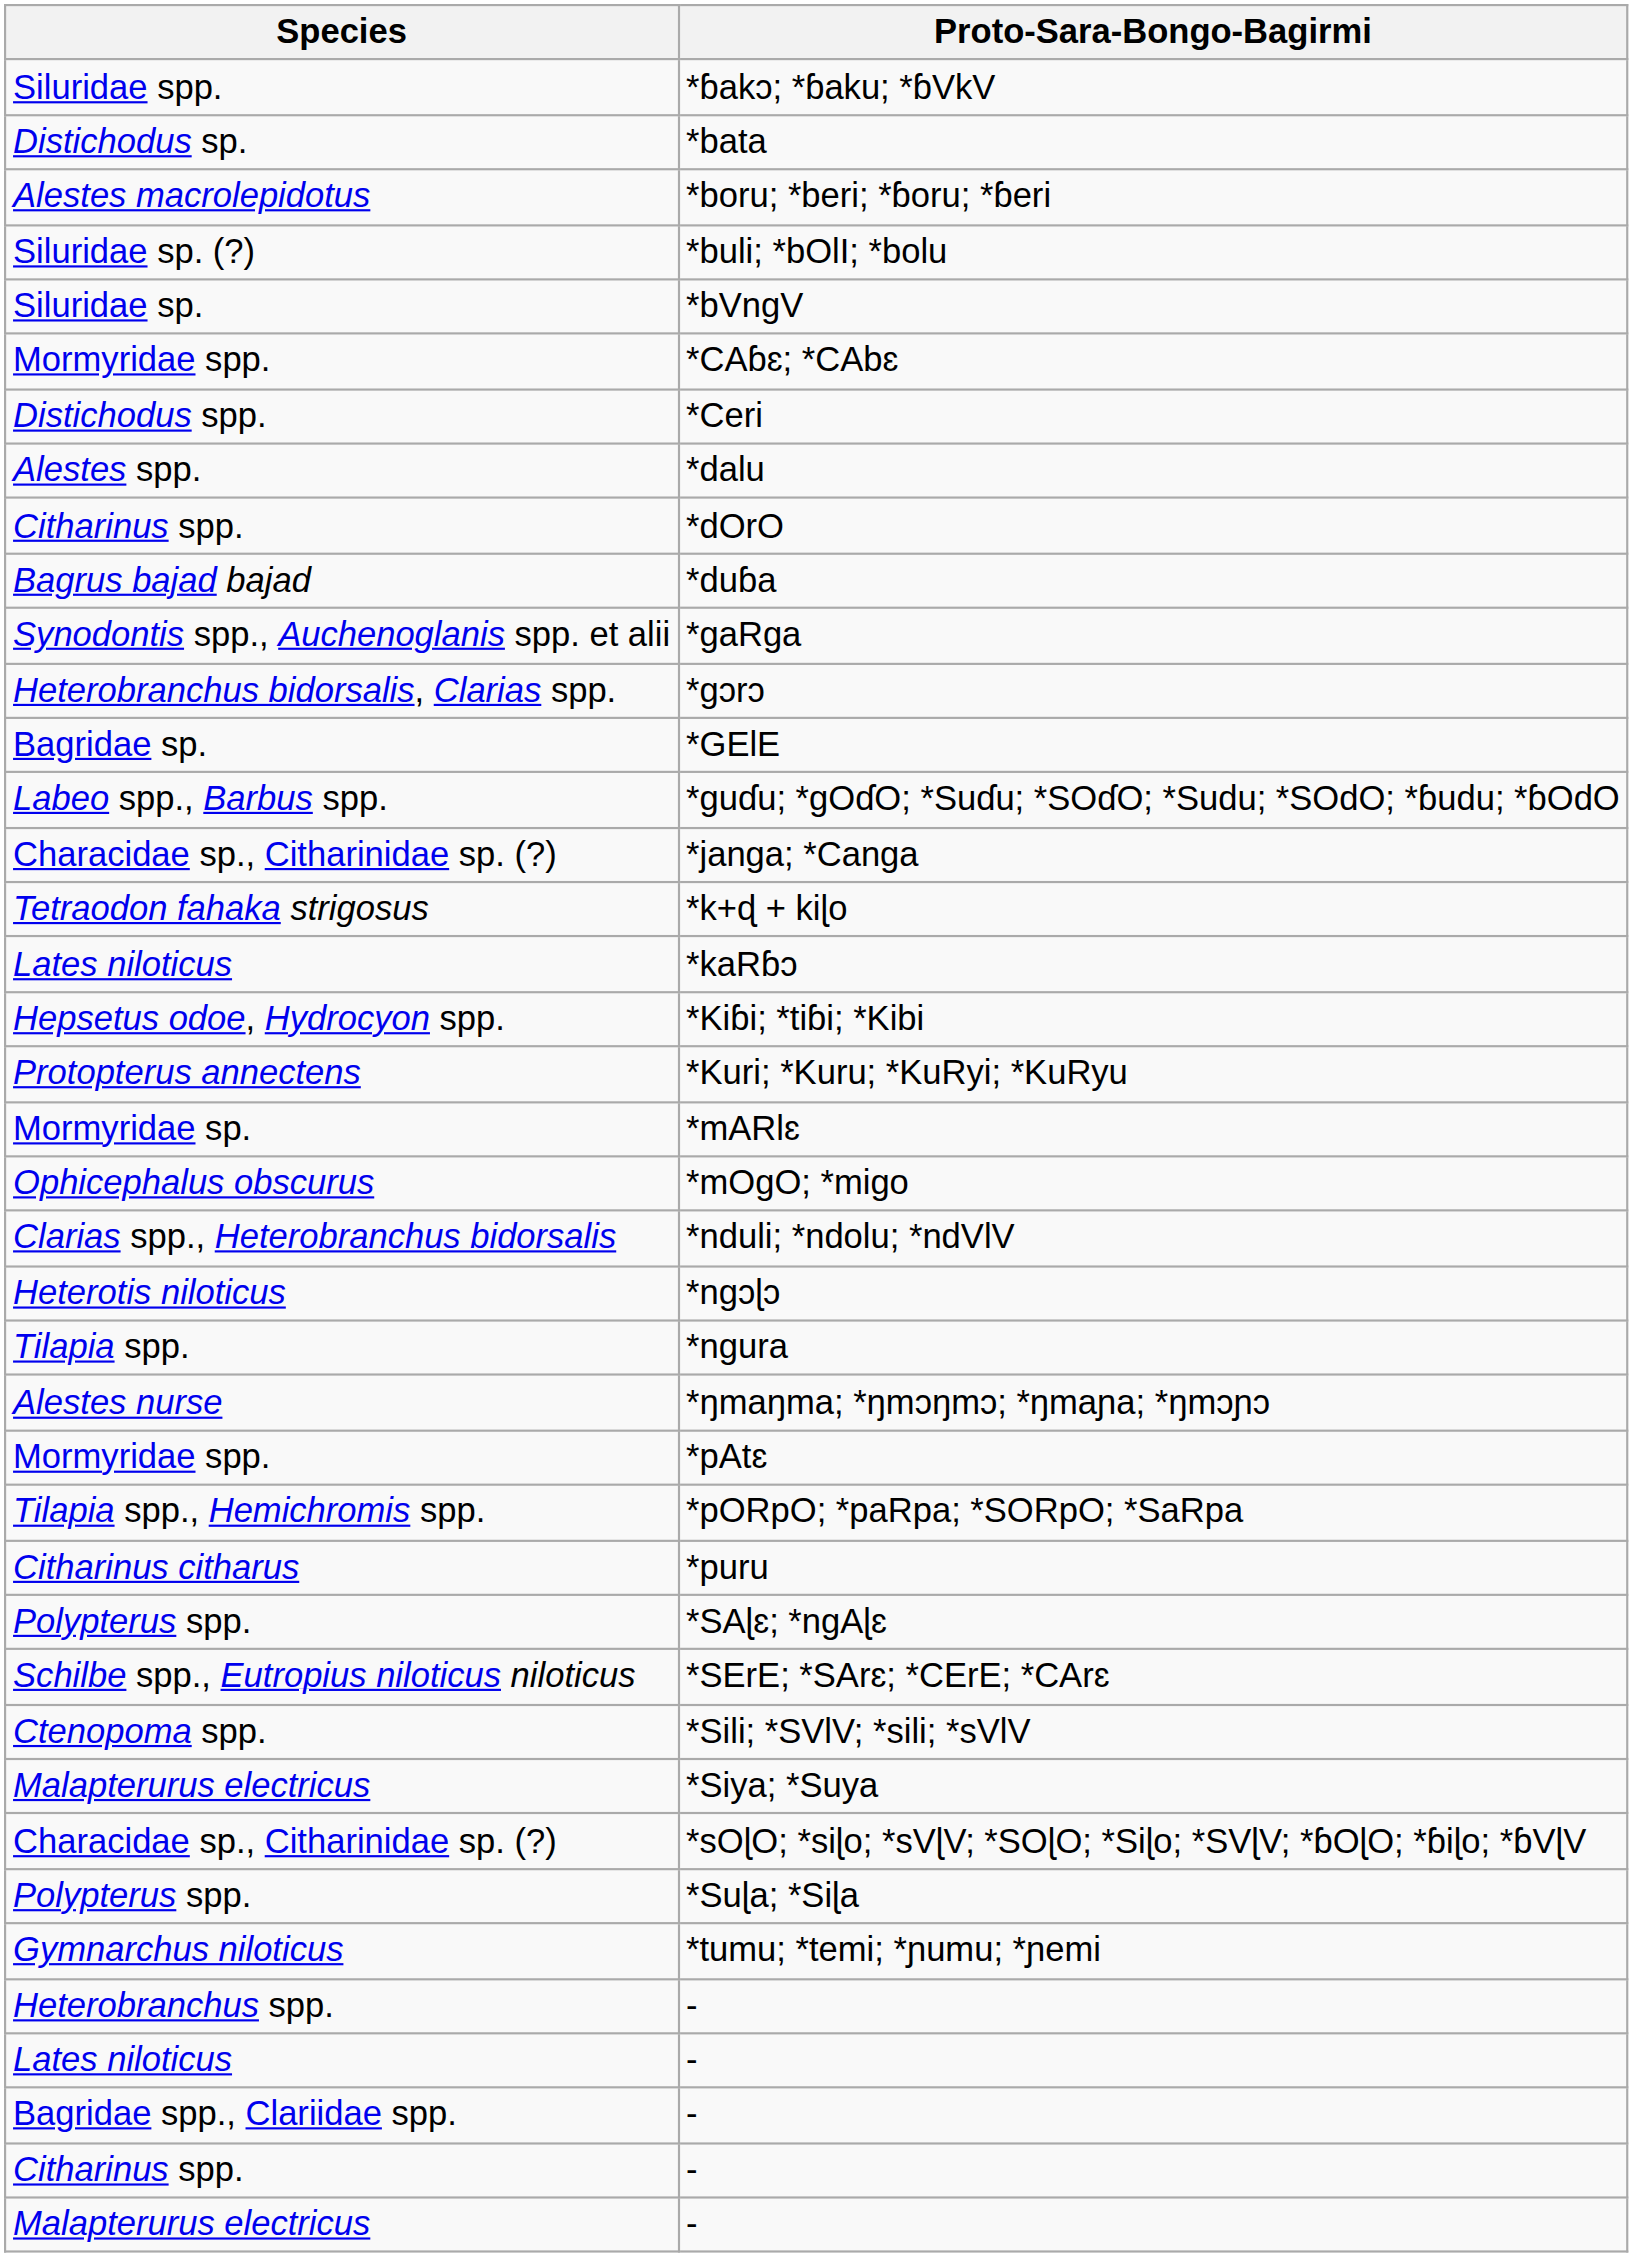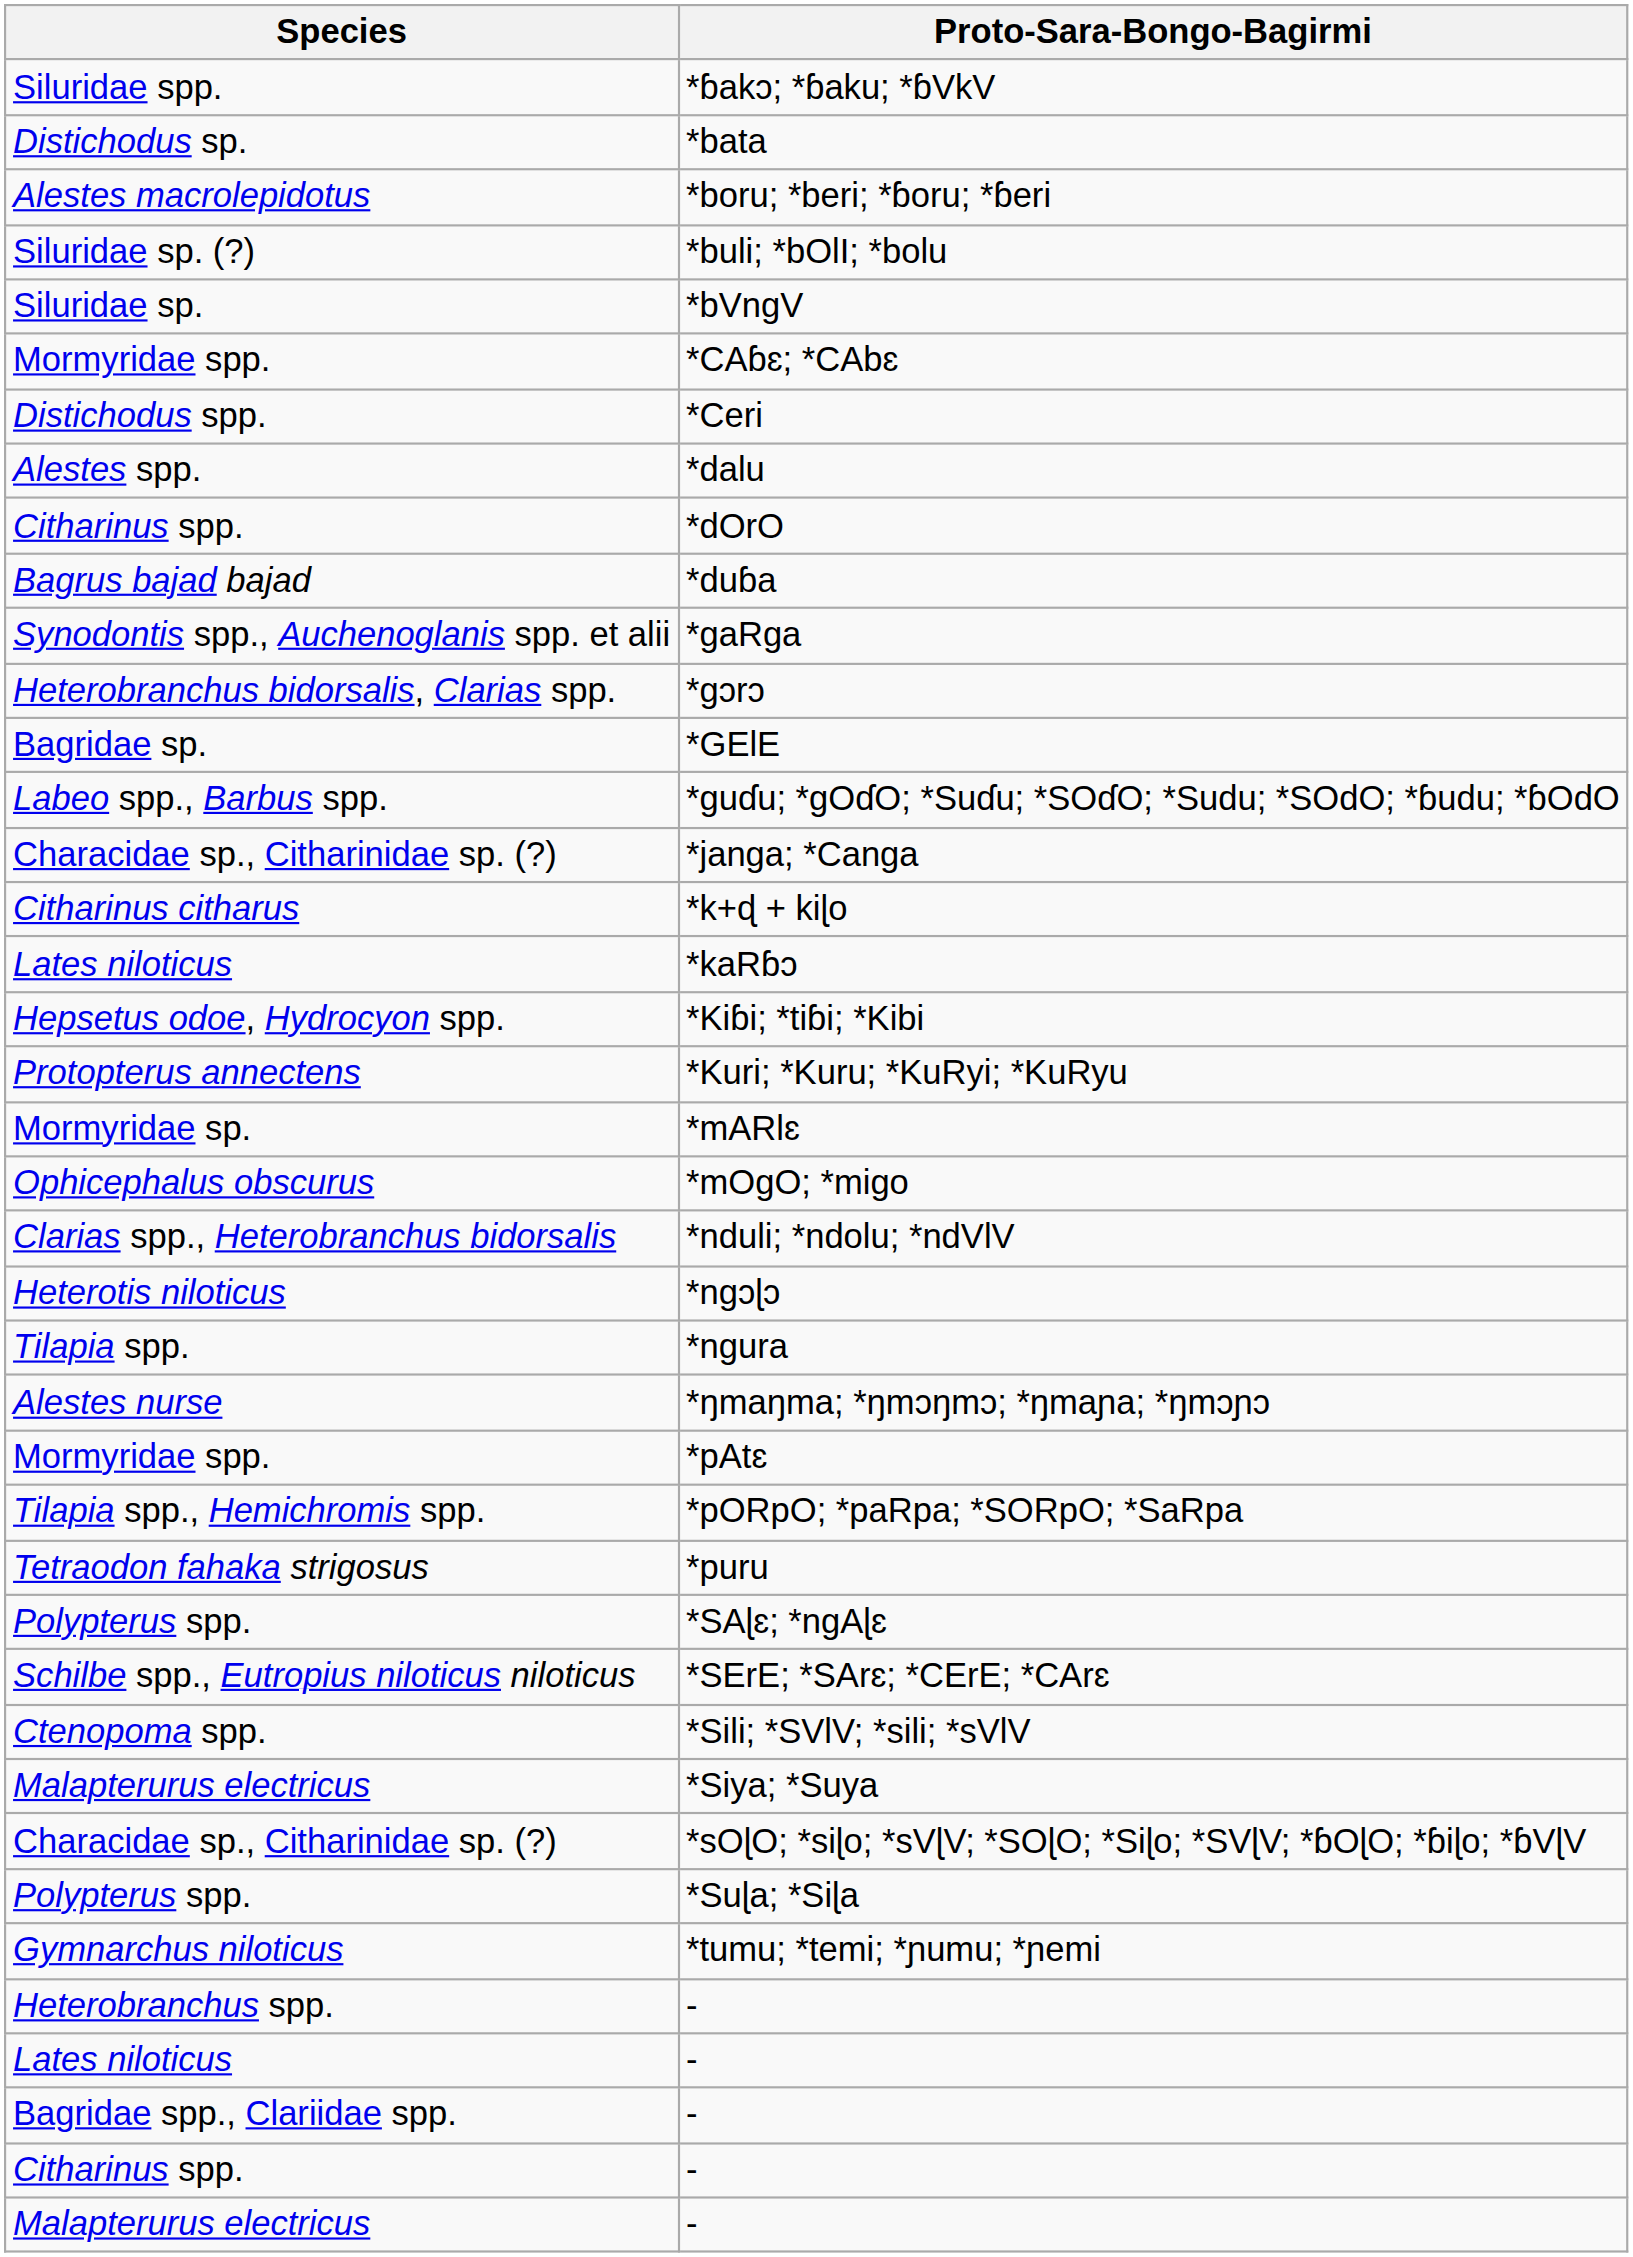 <table class="wikitable sortable">
 <tr>
 <th>Species</th>
 <th>Proto-Sara-Bongo-Bagirmi</th>
 </tr>
 <tr>
 <td><a href='#'>Siluridae</a> spp.</td>
 <td>*ɓakɔ; *ɓaku; *ɓVkV</td>
 </tr>
 <tr>
 <td><em><a href='#'>Distichodus</a></em> sp.</td>
 <td>*bata</td>
 </tr>
 <tr>
 <td><em><a href='#'>Alestes macrolepidotus</a></em></td>
 <td>*boru; *beri; *ɓoru; *ɓeri</td>
 </tr>
 <tr>
 <td><a href='#'>Siluridae</a> sp. (?)</td>
 <td>*buli; *bOlI; *bolu</td>
 </tr>
 <tr>
 <td><a href='#'>Siluridae</a> sp.</td>
 <td>*bVngV</td>
 </tr>
 <tr>
 <td><a href='#'>Mormyridae</a> spp.</td>
 <td>*CAɓɛ; *CAbɛ</td>
 </tr>
 <tr>
 <td><em><a href='#'>Distichodus</a></em> spp.</td>
 <td>*Ceri</td>
 </tr>
 <tr>
 <td><em><a href='#'>Alestes</a></em> spp.</td>
 <td>*dalu</td>
 </tr>
 <tr>
 <td><em><a href='#'>Citharinus</a></em> spp.</td>
 <td>*dOrO</td>
 </tr>
 <tr>
 <td><em><a href='#'>Bagrus bajad</a> bajad</em></td>
 <td>*duɓa</td>
 </tr>
 <tr>
 <td><em><a href='#'>Synodontis</a></em> spp., <em><a href='#'>Auchenoglanis</a></em> spp. et alii</td>
 <td>*gaRga</td>
 </tr>
 <tr>
 <td><em><a href='#'>Heterobranchus bidorsalis</a></em>, <em><a href='#'>Clarias</a></em> spp.</td>
 <td>*gɔrɔ</td>
 </tr>
 <tr>
 <td><a href='#'>Bagridae</a> sp.</td>
 <td>*GElE</td>
 </tr>
 <tr>
 <td><em><a href='#'>Labeo</a></em> spp., <em><a href='#'>Barbus</a></em> spp.</td>
 <td>*guɗu; *gOɗO; *Suɗu; *SOɗO; *Sudu; *SOdO; *ɓudu; *ɓOdO</td>
 </tr>
 <tr>
 <td><a href='#'>Characidae</a> sp., <a href='#'>Citharinidae</a> sp. (?)</td>
 <td>*janga; *Canga</td>
 </tr>
 <tr>
-<td><em><a href='#'>Tetraodon fahaka</a> strigosus</em></td>
+<td><em><a href='#'>Citharinus citharus</a></em></td>
 <td>*k+ɖ + kiɭo</td>
 </tr>
 <tr>
 <td><em><a href='#'>Lates niloticus</a></em></td>
 <td>*kaRɓɔ</td>
 </tr>
 <tr>
 <td><em><a href='#'>Hepsetus odoe</a></em>, <em><a href='#'>Hydrocyon</a></em> spp.</td>
 <td>*Kiɓi; *tiɓi; *Kibi</td>
 </tr>
 <tr>
 <td><em><a href='#'>Protopterus annectens</a></em></td>
 <td>*Kuri; *Kuru; *KuRyi; *KuRyu</td>
 </tr>
 <tr>
 <td><a href='#'>Mormyridae</a> sp.</td>
 <td>*mARlɛ</td>
 </tr>
 <tr>
 <td><em><a href='#'>Ophicephalus obscurus</a></em></td>
 <td>*mOgO; *migo</td>
 </tr>
 <tr>
 <td><em><a href='#'>Clarias</a></em> spp., <em><a href='#'>Heterobranchus bidorsalis</a></em></td>
 <td>*nduli; *ndolu; *ndVlV</td>
 </tr>
 <tr>
 <td><em><a href='#'>Heterotis niloticus</a></em></td>
 <td>*ngɔɭɔ</td>
 </tr>
 <tr>
 <td><em><a href='#'>Tilapia</a></em> spp.</td>
 <td>*ngura</td>
 </tr>
 <tr>
 <td><em><a href='#'>Alestes nurse</a></em></td>
 <td>*ŋmaŋma; *ŋmɔŋmɔ; *ŋmaɲa; *ŋmɔɲɔ</td>
 </tr>
 <tr>
 <td><a href='#'>Mormyridae</a> spp.</td>
 <td>*pAtɛ</td>
 </tr>
 <tr>
 <td><em><a href='#'>Tilapia</a></em> spp., <em><a href='#'>Hemichromis</a></em> spp.</td>
 <td>*pORpO; *paRpa; *SORpO; *SaRpa</td>
 </tr>
 <tr>
-<td><em><a href='#'>Citharinus citharus</a></em></td>
+<td><em><a href='#'>Tetraodon fahaka</a> strigosus</em></td>
 <td>*puru</td>
 </tr>
 <tr>
 <td><em><a href='#'>Polypterus</a></em> spp.</td>
 <td>*SAɭɛ; *ngAɭɛ</td>
 </tr>
 <tr>
 <td><em><a href='#'>Schilbe</a></em> spp., <em><a href='#'>Eutropius niloticus</a> niloticus</em></td>
 <td>*SErE; *SArɛ; *CErE; *CArɛ</td>
 </tr>
 <tr>
 <td><em><a href='#'>Ctenopoma</a></em> spp.</td>
 <td>*Sili; *SVlV; *sili; *sVlV</td>
 </tr>
 <tr>
 <td><em><a href='#'>Malapterurus electricus</a></em></td>
 <td>*Siya; *Suya</td>
 </tr>
 <tr>
 <td><a href='#'>Characidae</a> sp., <a href='#'>Citharinidae</a> sp. (?)</td>
 <td>*sOɭO; *siɭo; *sVɭV; *SOɭO; *Siɭo; *SVɭV; *ɓOɭO; *ɓiɭo; *ɓVɭV</td>
 </tr>
 <tr>
 <td><em><a href='#'>Polypterus</a></em> spp.</td>
 <td>*Suɭa; *Siɭa</td>
 </tr>
 <tr>
 <td><em><a href='#'>Gymnarchus niloticus</a></em></td>
 <td>*tumu; *temi; *ɲumu; *ɲemi</td>
 </tr>
 <tr>
 <td><em><a href='#'>Heterobranchus</a></em> spp.</td>
 <td>-</td>
 </tr>
 <tr>
 <td><em><a href='#'>Lates niloticus</a></em></td>
 <td>-</td>
 </tr>
 <tr>
 <td><a href='#'>Bagridae</a> spp., <a href='#'>Clariidae</a> spp.</td>
 <td>-</td>
 </tr>
 <tr>
 <td><em><a href='#'>Citharinus</a></em> spp.</td>
 <td>-</td>
 </tr>
 <tr>
 <td><em><a href='#'>Malapterurus electricus</a></em></td>
 <td>-</td>
 </tr>
 </table>
